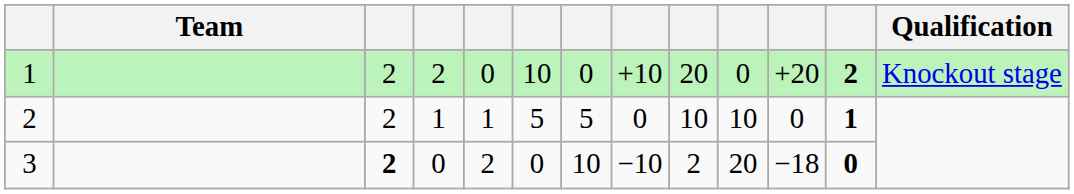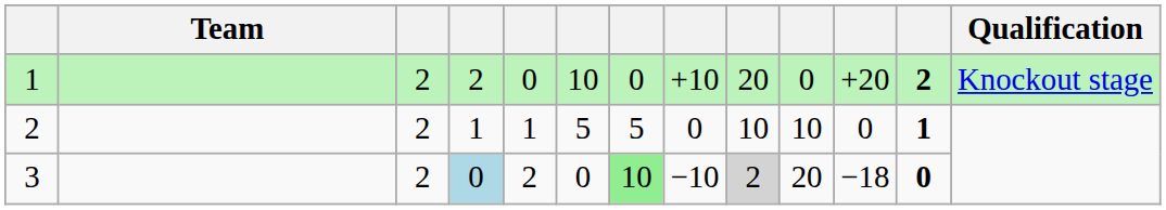 <table class="wikitable" style="text-align:center;">
 <tr>
 <th width="20"></th>
 <th width="165">Team</th>
 <th width="20"></th>
 <th width="20"></th>
 <th width="20"></th>
 <th width="20"></th>
 <th width="20"></th>
 <th width="20"></th>
 <th width="20"></th>
 <th width="20"></th>
 <th width="20"></th>
 <th width="20"></th>
 <th width="100">Qualification</th>
 </tr>
 <tr bgcolor="bbf3bb">
 <td>1</td>
 <td align="left"></td>
 <td>2</td>
 <td>2</td>
 <td>0</td>
 <td>10</td>
 <td>0</td>
 <td>+10</td>
 <td>20</td>
 <td>0</td>
 <td>+20</td>
 <td><strong>2</strong></td>
 <td><a href='#'>Knockout stage</a></td>
 </tr>
 <tr>
 <td>2</td>
 <td align="left"></td>
 <td>2</td>
 <td>1</td>
 <td>1</td>
 <td>5</td>
 <td>5</td>
 <td>0</td>
 <td>10</td>
 <td>10</td>
 <td>0</td>
 <td><strong>1</strong></td>
 <td rowspan="2"></td>
 </tr>
 <tr>
 <td>3</td>
 <td align="left"></td>
-<td><strong>2</strong></td>
-<td>0</td>
+<td>2</td>
+<td style="background: lightblue;">0</td>
 <td>2</td>
 <td>0</td>
-<td>10</td>
+<td style="background: lightgreen;">10</td>
 <td>−10</td>
-<td>2</td>
+<td style="background: lightgrey;">2</td>
 <td>20</td>
 <td>−18</td>
 <td><strong>0</strong></td>
 </tr>
 </table>
